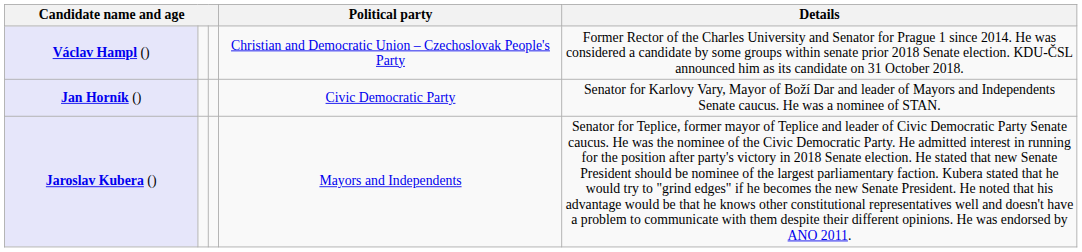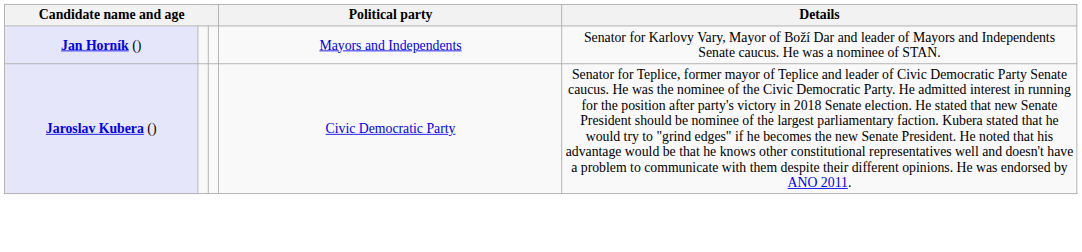 <table class="wikitable" style="text-align:center;">
 <tr>
 <th colspan="3" style="width:20%;">Candidate name and age</th>
 <th>Political party</th>
 <th style="width:48%;">Details</th>
 </tr>
 <tr>
-<td style="background:lavender;"><strong><a href='#'>Václav Hampl</a></strong> ()</td>
-<td></td>
-<td style="background-color:"></td>
-<td><a href='#'>Christian and Democratic Union – Czechoslovak People's Party</a></td>
-<td>Former Rector of the Charles University and Senator for Prague 1 since 2014. He was considered a candidate by some groups within senate prior 2018 Senate election. KDU-ČSL announced him as its candidate on 31 October 2018.</td>
-</tr>
-<tr>
 <td style="background:lavender;"><strong><a href='#'>Jan Horník</a></strong> ()</td>
 <td></td>
 <td style="background-color:"></td>
-<td><a href='#'>Civic Democratic Party</a></td>
+<td><a href='#'>Mayors and Independents</a></td>
 <td>Senator for Karlovy Vary, Mayor of Boží Dar and leader of Mayors and Independents Senate caucus. He was a nominee of STAN.</td>
 </tr>
 <tr>
 <td style="background:lavender;"><strong><a href='#'>Jaroslav Kubera</a></strong> ()</td>
 <td></td>
 <td style="background-color:"></td>
-<td><a href='#'>Mayors and Independents</a></td>
+<td><a href='#'>Civic Democratic Party</a></td>
 <td>Senator for Teplice, former mayor of Teplice and leader of Civic Democratic Party Senate caucus. He was the nominee of the Civic Democratic Party. He admitted interest in running for the position after party's victory in 2018 Senate election. He stated that new Senate President should be nominee of the largest parliamentary faction. Kubera stated that he would try to "grind edges" if he becomes the new Senate President. He noted that his advantage would be that he knows other constitutional representatives well and doesn't have a problem to communicate with them despite their different opinions. He was endorsed by <a href='#'>ANO 2011</a>.</td>
 </tr>
 </table>
